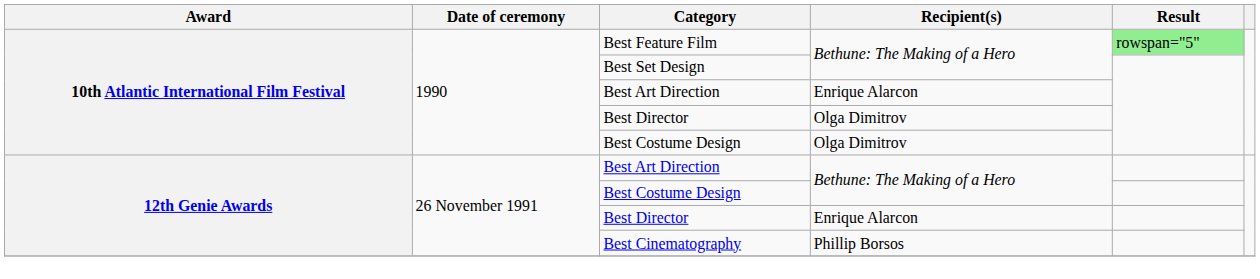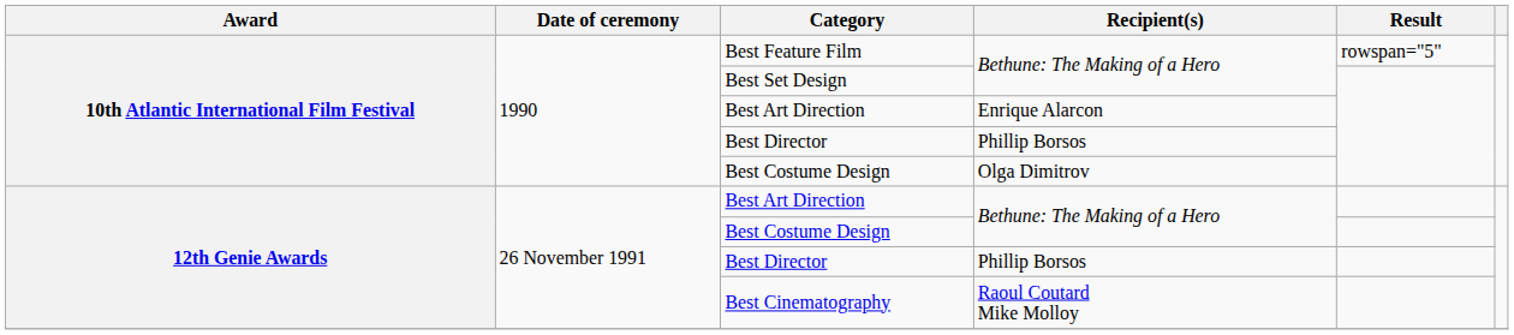 <table class="wikitable sortable plainrowheaders" style="width: 100%;">
 <tr>
 <th scope="col">Award</th>
 <th scope="col">Date of ceremony</th>
 <th scope="col">Category</th>
 <th scope="col">Recipient(s)</th>
 <th scope="col">Result</th>
 <th scope="col" class="unsortable"></th>
 </tr>
 <tr>
 <th rowspan="5" scope="row">10th <a href='#'>Atlantic International Film Festival</a></th>
 <td rowspan="5">1990</td>
 <td>Best Feature Film</td>
 <td rowspan="2"><em>Bethune: The Making of a Hero</em></td>
-<td style="background: lightgreen;">rowspan="5" </td>
+<td>rowspan="5" </td>
 <td rowspan="5" align="center"></td>
 </tr>
 <tr>
 <td>Best Set Design</td>
 </tr>
 <tr>
 <td>Best Art Direction</td>
 <td>Enrique Alarcon</td>
 </tr>
 <tr>
 <td>Best Director</td>
-<td>Olga Dimitrov</td>
+<td>Phillip Borsos</td>
 </tr>
 <tr>
 <td>Best Costume Design</td>
 <td>Olga Dimitrov</td>
 </tr>
 <tr>
 <th rowspan="4" scope="row"><a href='#'>12th Genie Awards</a></th>
 <td rowspan="4">26 November 1991</td>
 <td><a href='#'>Best Art Direction</a></td>
 <td rowspan="2"><em>Bethune: The Making of a Hero</em></td>
 <td></td>
 <td rowspan="4" align="center"></td>
 </tr>
 <tr>
 <td><a href='#'>Best Costume Design</a></td>
 <td></td>
 </tr>
 <tr>
 <td><a href='#'>Best Director</a></td>
-<td>Enrique Alarcon</td>
+<td>Phillip Borsos</td>
 <td></td>
 </tr>
 <tr>
 <td><a href='#'>Best Cinematography</a></td>
-<td>Phillip Borsos</td>
+<td><a href='#'>Raoul Coutard</a> <br> Mike Molloy</td>
 <td></td>
 </tr>
 <tr>
 </tr>
 </table>
